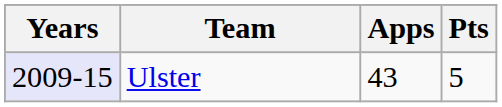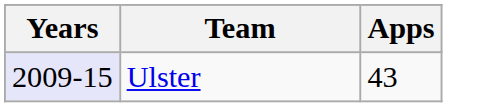 <table class="wikitable" style="text-align:left;">
 <tr>
 <th>Years</th>
 <th width=120px>Team</th>
 <th>Apps</th>
-<th>Pts</th>
 </tr>
 <tr>
 <td style="background: lavender;">2009-15</td>
 <td><a href='#'>Ulster</a></td>
 <td>43</td>
-<td>5</td>
 </tr>
 </table>
